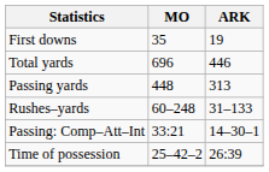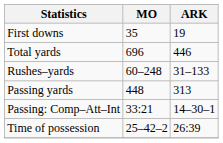 <table class="wikitable" style="float: left;">
 <tr>
 <th>Statistics</th>
 <th>MO</th>
 <th>ARK</th>
 </tr>
 <tr>
 <td>First downs</td>
 <td>35</td>
 <td>19</td>
 </tr>
 <tr>
 <td>Total yards</td>
 <td>696</td>
 <td>446</td>
 </tr>
 <tr>
+<td>Rushes–yards</td>
+<td>60–248</td>
+<td>31–133</td>
+</tr>
+<tr>
 <td>Passing yards</td>
 <td>448</td>
 <td>313</td>
-</tr>
-<tr>
-<td>Rushes–yards</td>
-<td>60–248</td>
-<td>31–133</td>
 </tr>
 <tr>
 <td>Passing: Comp–Att–Int</td>
 <td>33:21</td>
 <td>14–30–1</td>
 </tr>
 <tr>
 <td>Time of possession</td>
 <td>25–42–2</td>
 <td>26:39</td>
 </tr>
 <tr>
 </tr>
 </table>
